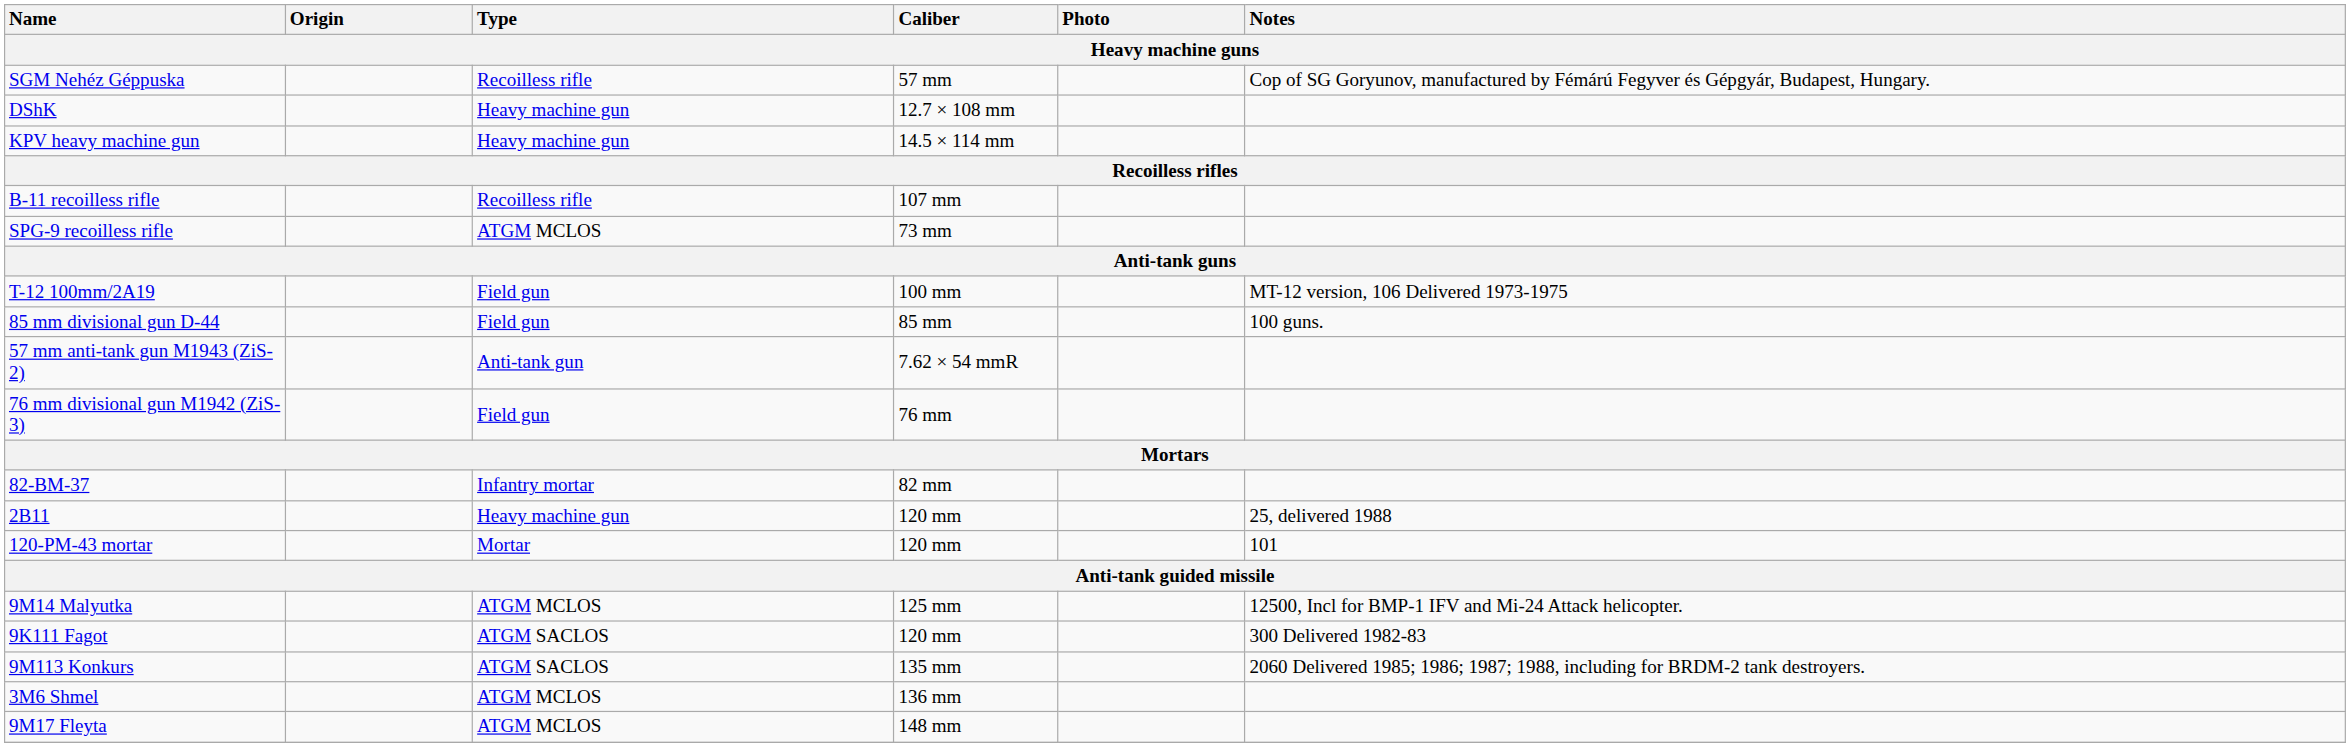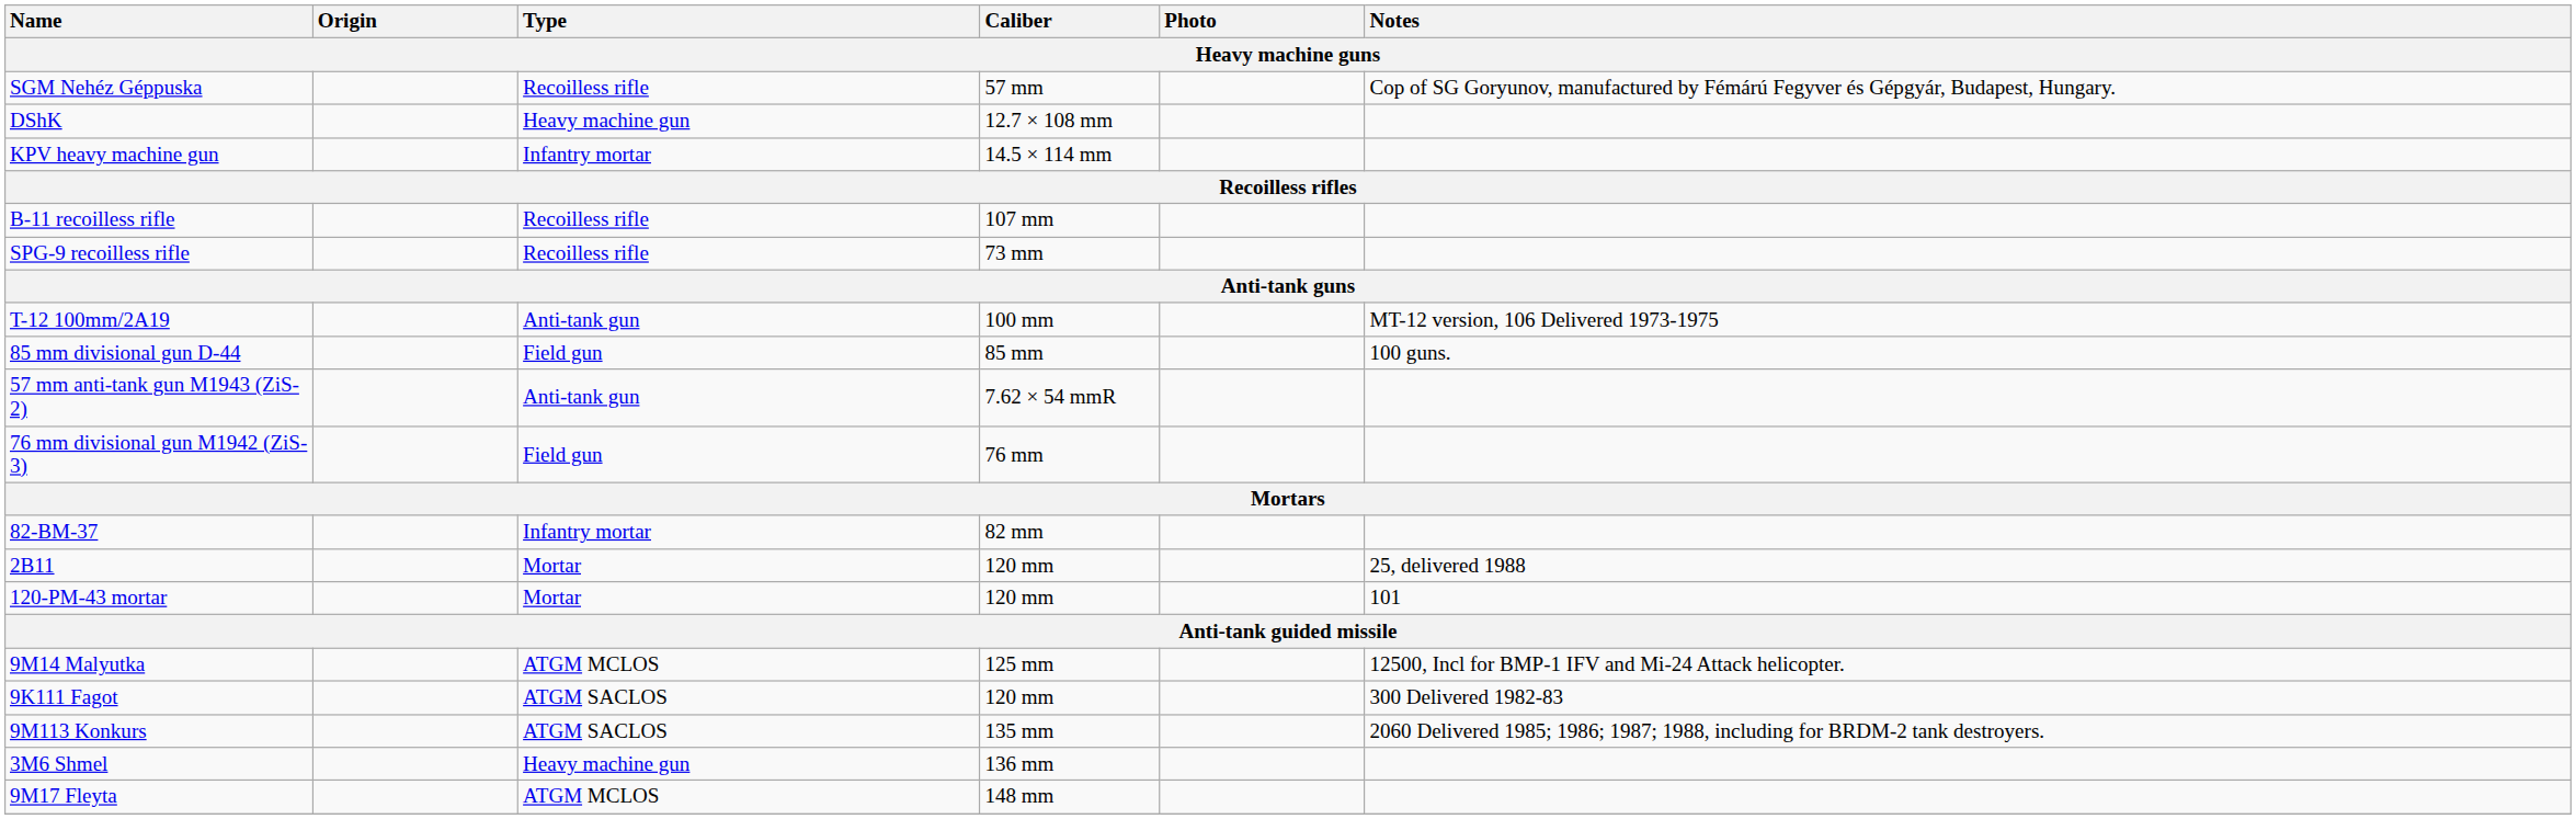 <table class="wikitable">
 <tr>
 <th style="text-align: left; width:12%;">Name</th>
 <th style="text-align: left; width:8%;">Origin</th>
 <th style="text-align: left; width:18%;">Type</th>
 <th style="text-align: left; width:7%;">Caliber</th>
 <th style="text-align: left;width:8%;">Photo</th>
 <th style="text-align: left;width:47%;">Notes</th>
 </tr>
 <tr>
 <th style="align: center;" colspan="7">Heavy machine guns</th>
 </tr>
 <tr>
 <td><a href='#'>SGM Nehéz Géppuska</a></td>
 <td></td>
 <td><a href='#'>Recoilless rifle</a></td>
 <td>57 mm</td>
 <td></td>
 <td>Cop of SG Goryunov, manufactured by Fémárú Fegyver és Gépgyár, Budapest, Hungary.</td>
 </tr>
 <tr>
 <td><a href='#'>DShK</a></td>
 <td></td>
 <td><a href='#'>Heavy machine gun</a></td>
 <td>12.7 × 108 mm</td>
 <td></td>
 <td></td>
 </tr>
 <tr>
 <td><a href='#'>KPV heavy machine gun</a></td>
 <td></td>
-<td><a href='#'>Heavy machine gun</a></td>
+<td><a href='#'>Infantry mortar</a></td>
 <td>14.5 × 114 mm</td>
 <td></td>
 <td></td>
 </tr>
 <tr>
 <th style="align: center;" colspan="7">Recoilless rifles</th>
 </tr>
 <tr>
 <td><a href='#'>B-11 recoilless rifle</a></td>
 <td></td>
 <td><a href='#'>Recoilless rifle</a></td>
 <td>107 mm</td>
 <td></td>
 <td></td>
 </tr>
 <tr>
 <td><a href='#'>SPG-9 recoilless rifle</a></td>
 <td></td>
-<td><a href='#'>ATGM</a> MCLOS</td>
+<td><a href='#'>Recoilless rifle</a></td>
 <td>73 mm</td>
 <td></td>
 <td></td>
 </tr>
 <tr>
 <th style="align: center;" colspan="7">Anti-tank guns</th>
 </tr>
 <tr>
 <td><a href='#'>T-12 100mm/2A19</a></td>
 <td></td>
-<td><a href='#'>Field gun</a></td>
+<td><a href='#'>Anti-tank gun</a></td>
 <td>100 mm</td>
 <td></td>
 <td>MT-12 version, 106 Delivered 1973-1975 </td>
 </tr>
 <tr>
 <td><a href='#'>85 mm divisional gun D-44</a></td>
 <td></td>
 <td><a href='#'>Field gun</a></td>
 <td>85 mm</td>
 <td></td>
 <td>100 guns.<br></td>
 </tr>
 <tr>
 <td><a href='#'>57 mm anti-tank gun M1943 (ZiS-2)</a></td>
 <td></td>
 <td><a href='#'>Anti-tank gun</a></td>
 <td>7.62 × 54 mmR</td>
 <td></td>
 <td></td>
 </tr>
 <tr>
 <td><a href='#'>76 mm divisional gun M1942 (ZiS-3)</a></td>
 <td></td>
 <td><a href='#'>Field gun</a></td>
 <td>76 mm</td>
 <td></td>
 <td></td>
 </tr>
 <tr>
 <th style="align: center;" colspan="7">Mortars</th>
 </tr>
 <tr>
 <td><a href='#'>82-BM-37</a></td>
 <td></td>
 <td><a href='#'>Infantry mortar</a></td>
 <td>82 mm</td>
 <td></td>
 <td></td>
 </tr>
 <tr>
 <td><a href='#'>2B11</a></td>
 <td></td>
-<td><a href='#'>Heavy machine gun</a></td>
+<td><a href='#'>Mortar</a></td>
 <td>120 mm</td>
 <td></td>
 <td>25, delivered 1988</td>
 </tr>
 <tr>
 <td><a href='#'>120-PM-43 mortar</a></td>
 <td></td>
 <td><a href='#'>Mortar</a></td>
 <td>120 mm</td>
 <td></td>
 <td>101</td>
 </tr>
 <tr>
 <th style="align: center;" colspan="7">Anti-tank guided missile</th>
 </tr>
 <tr>
 <td><a href='#'>9M14 Malyutka</a></td>
 <td></td>
 <td><a href='#'>ATGM</a> MCLOS</td>
 <td>125 mm</td>
 <td></td>
 <td>12500, Incl for BMP-1 IFV and Mi-24 Attack helicopter.</td>
 </tr>
 <tr>
 <td><a href='#'>9K111 Fagot</a></td>
 <td></td>
 <td><a href='#'>ATGM</a> SACLOS</td>
 <td>120 mm</td>
 <td></td>
 <td>300 Delivered 1982-83  </td>
 </tr>
 <tr>
 <td><a href='#'>9M113 Konkurs</a></td>
 <td></td>
 <td><a href='#'>ATGM</a> SACLOS</td>
 <td>135 mm</td>
 <td></td>
 <td>2060 Delivered 1985; 1986; 1987; 1988, including for BRDM-2 tank destroyers.</td>
 </tr>
 <tr>
 <td><a href='#'>3M6 Shmel</a></td>
 <td></td>
-<td><a href='#'>ATGM</a> MCLOS</td>
+<td><a href='#'>Heavy machine gun</a></td>
 <td>136 mm</td>
 <td></td>
 <td></td>
 </tr>
 <tr>
 <td><a href='#'>9M17 Fleyta</a></td>
 <td></td>
 <td><a href='#'>ATGM</a> MCLOS</td>
 <td>148 mm</td>
 <td></td>
 <td></td>
 </tr>
 <tr>
 </tr>
 </table>
